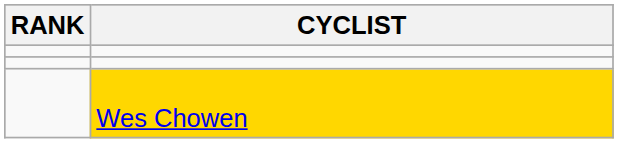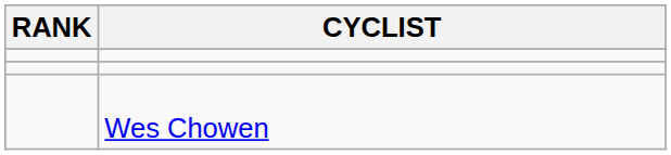 <table class="wikitable" style="font-size:95%;">
 <tr>
 <th>RANK</th>
 <th align="left" style="width: 20em">CYCLIST</th>
 </tr>
 <tr>
 <td align="center"></td>
 <td></td>
 </tr>
 <tr>
 <td align="center"></td>
 <td></td>
 </tr>
 <tr>
 <td align="center"></td>
-<td style="background: gold;"><br><a href='#'>Wes Chowen</a></td>
+<td><br><a href='#'>Wes Chowen</a></td>
 </tr>
 </table>
